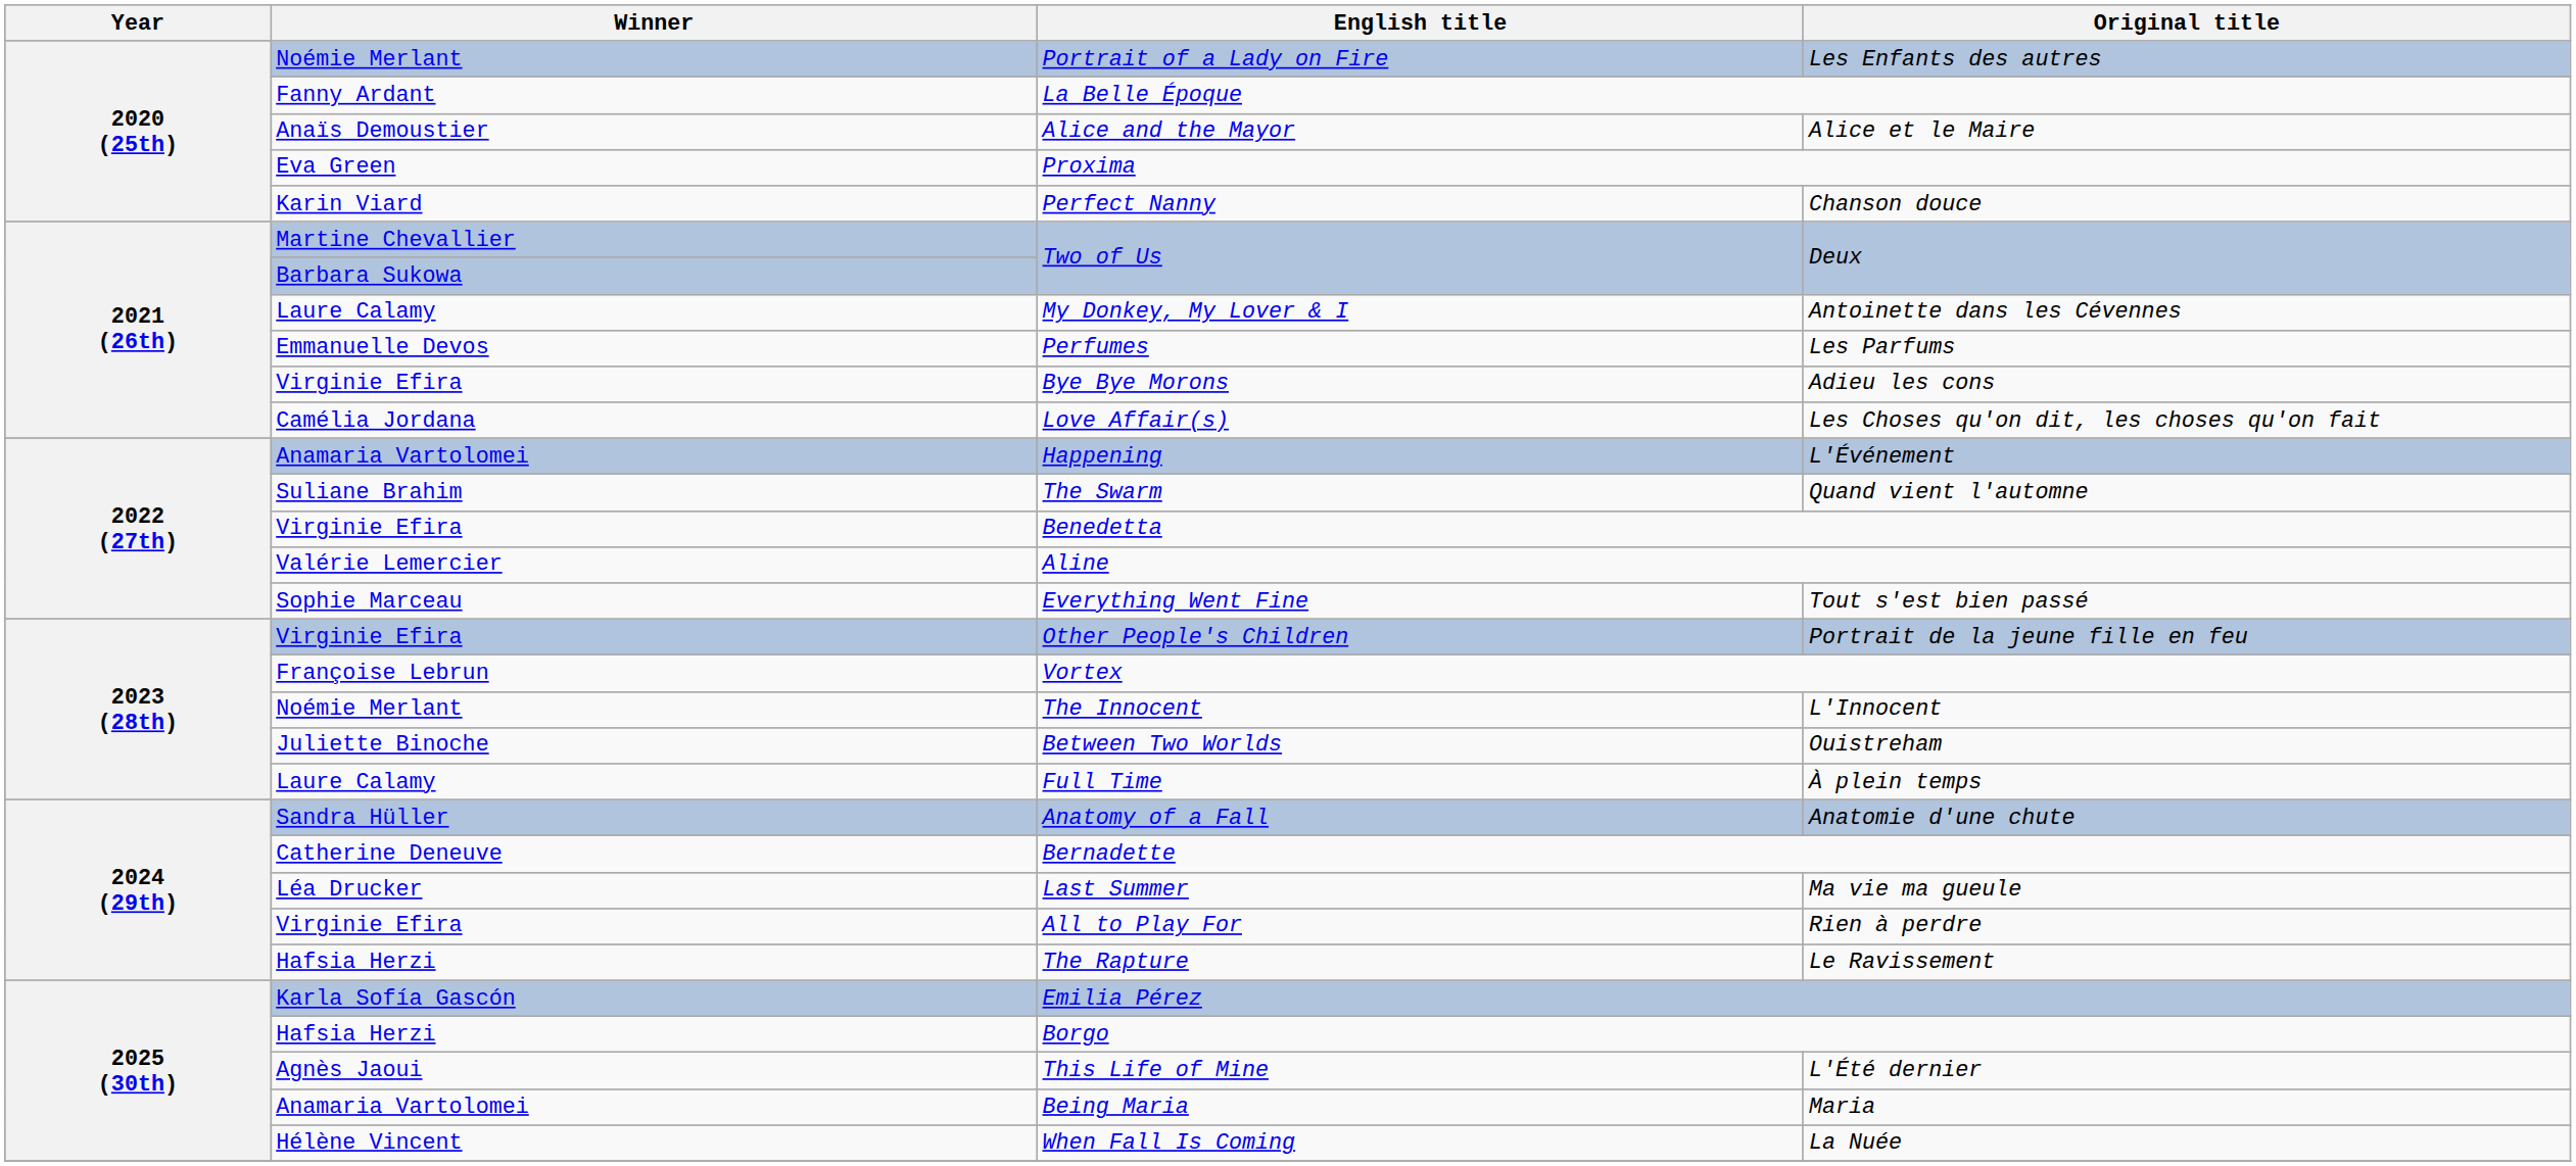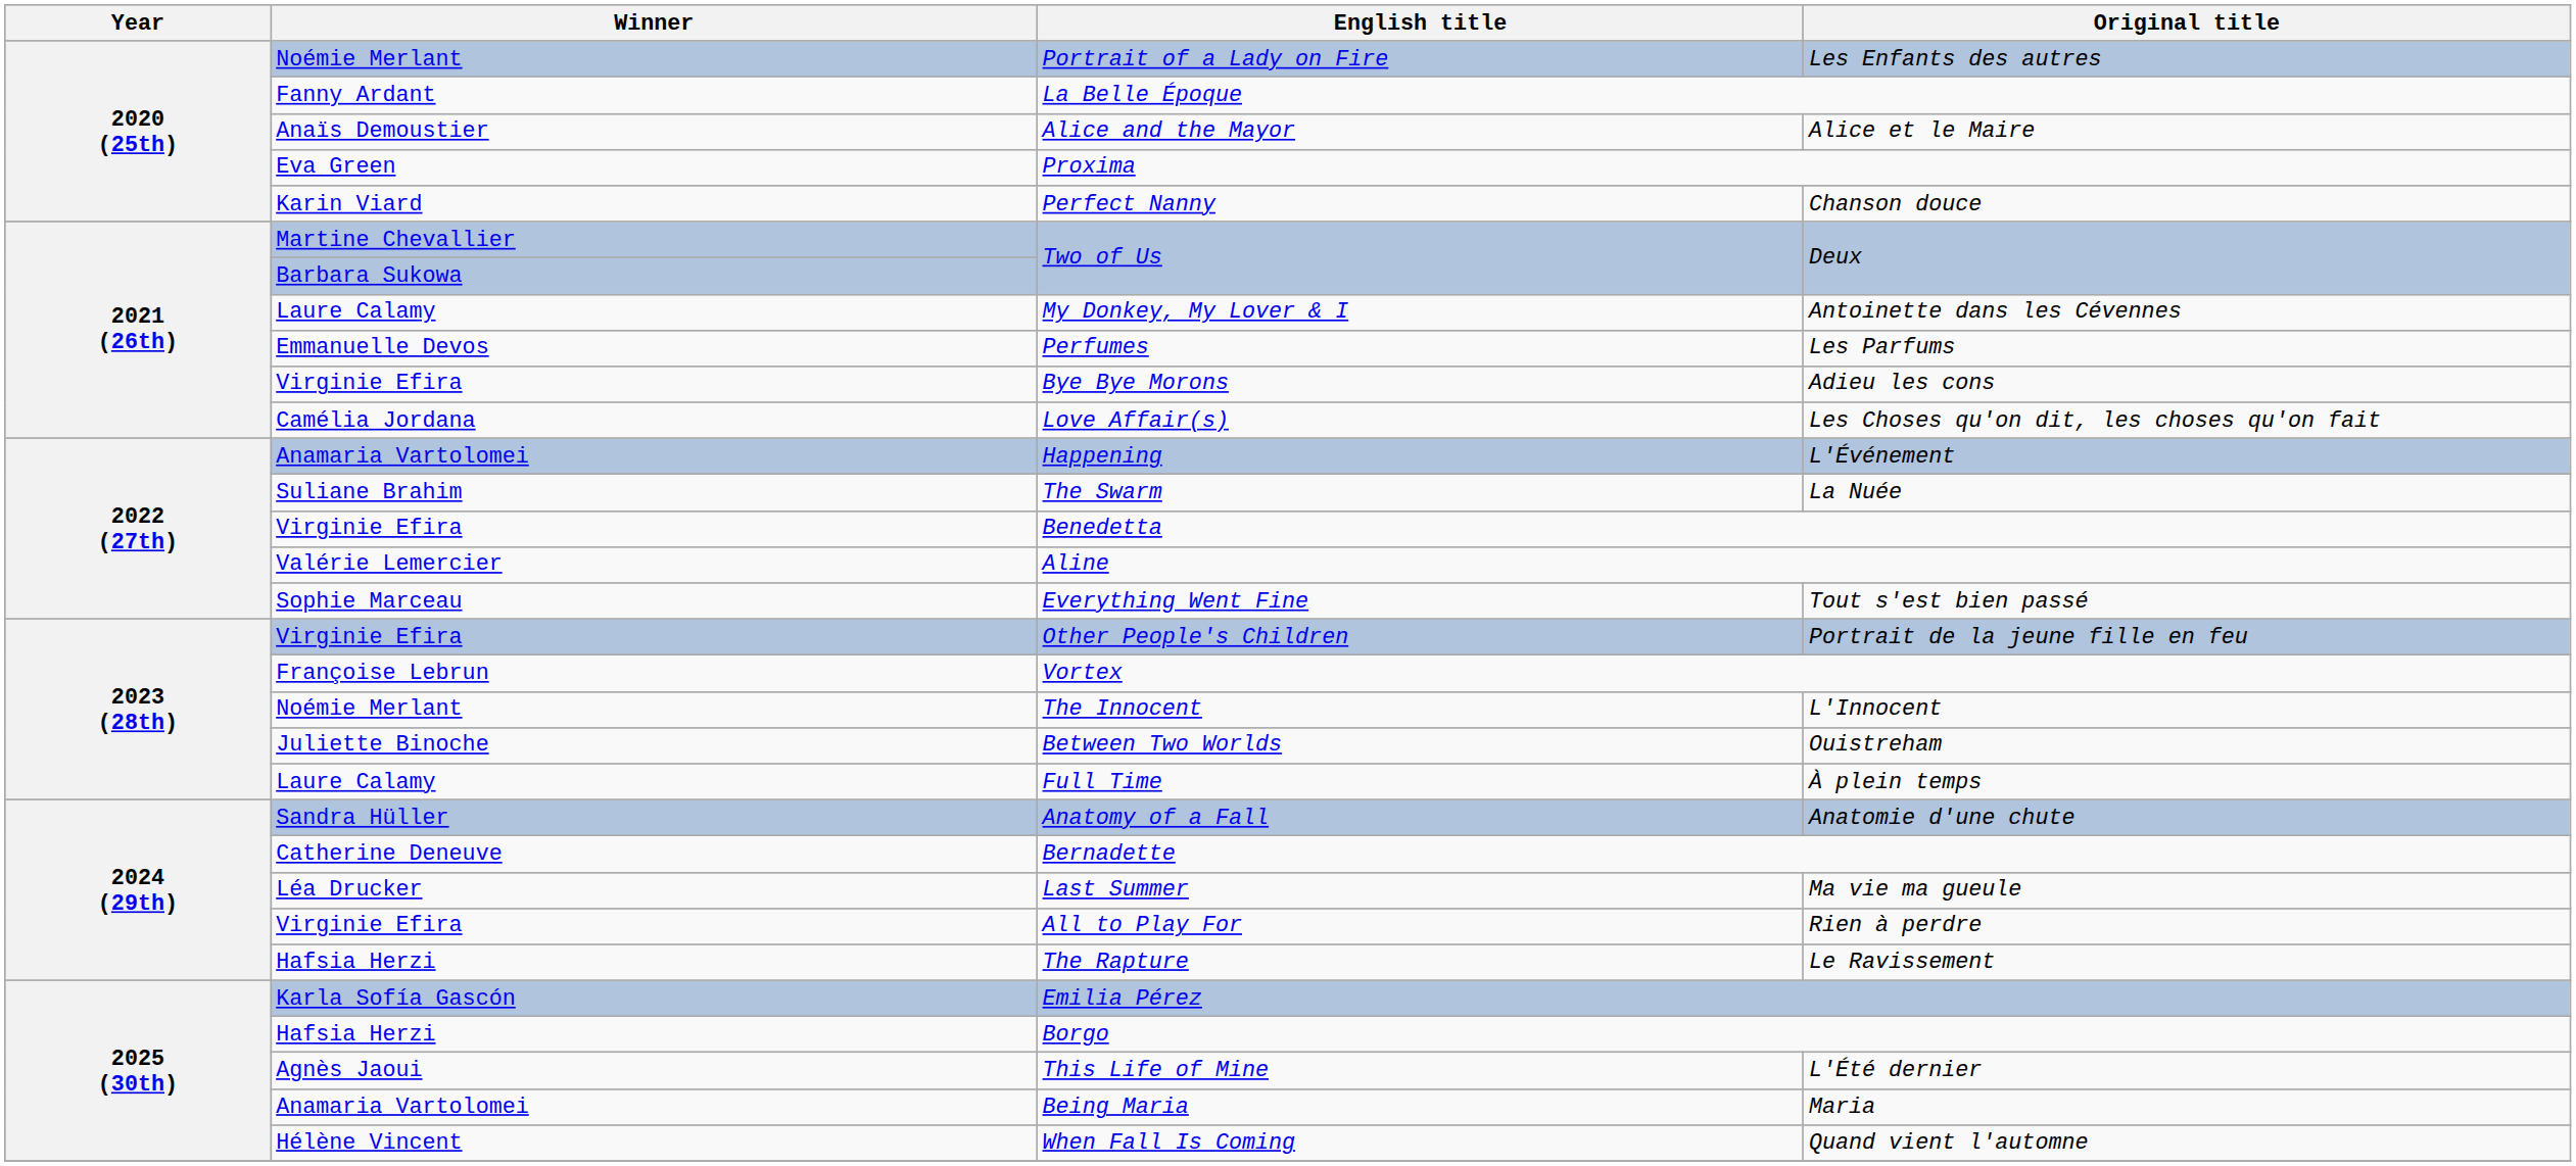 <table class="wikitable" width="95%" cellpadding="5">
 <tr>
 <th width="100"><strong>Year</strong></th>
 <th width="300"><strong>Winner</strong></th>
 <th width="300"><strong>English title</strong></th>
 <th width="300"><strong>Original title</strong></th>
 </tr>
 <tr style="background:#B0C4DE;">
 <th rowspan="5" align="center">2020<br>(<a href='#'>25th</a>)</th>
 <td><a href='#'>Noémie Merlant</a></td>
 <td><em><a href='#'>Portrait of a Lady on Fire</a></em></td>
 <td><em>Les Enfants des autres</em></td>
 </tr>
 <tr>
 <td><a href='#'>Fanny Ardant</a></td>
 <td colspan="2"><em><a href='#'>La Belle Époque</a></em></td>
 </tr>
 <tr>
 <td><a href='#'>Anaïs Demoustier</a></td>
 <td><em><a href='#'>Alice and the Mayor</a></em></td>
 <td><em>Alice et le Maire</em></td>
 </tr>
 <tr>
 <td><a href='#'>Eva Green</a></td>
 <td colspan="2"><em><a href='#'>Proxima</a></em></td>
 </tr>
 <tr>
 <td><a href='#'>Karin Viard</a></td>
 <td><em><a href='#'>Perfect Nanny</a></em></td>
 <td><em>Chanson douce</em></td>
 </tr>
 <tr style="background:#B0C4DE;">
 <th rowspan="6" align="center">2021<br>(<a href='#'>26th</a>)</th>
 <td><a href='#'>Martine Chevallier</a></td>
 <td rowspan="2"><em><a href='#'>Two of Us</a></em></td>
 <td rowspan="2"><em>Deux</em></td>
 </tr>
 <tr style="background:#B0C4DE;">
 <td><a href='#'>Barbara Sukowa</a></td>
 </tr>
 <tr>
 <td><a href='#'>Laure Calamy</a></td>
 <td><em><a href='#'>My Donkey, My Lover & I</a></em></td>
 <td><em>Antoinette dans les Cévennes</em></td>
 </tr>
 <tr>
 <td><a href='#'>Emmanuelle Devos</a></td>
 <td><em><a href='#'>Perfumes</a></em></td>
 <td><em>Les Parfums</em></td>
 </tr>
 <tr>
 <td><a href='#'>Virginie Efira</a></td>
 <td><em><a href='#'>Bye Bye Morons</a></em></td>
 <td><em>Adieu les cons</em></td>
 </tr>
 <tr>
 <td><a href='#'>Camélia Jordana</a></td>
 <td><em><a href='#'>Love Affair(s)</a></em></td>
 <td><em>Les Choses qu'on dit, les choses qu'on fait</em></td>
 </tr>
 <tr style="background:#B0C4DE;">
 <th rowspan="5" align="center">2022<br>(<a href='#'>27th</a>)</th>
 <td><a href='#'>Anamaria Vartolomei</a></td>
 <td><em><a href='#'>Happening</a></em></td>
 <td><em>L'Événement</em></td>
 </tr>
 <tr>
 <td><a href='#'>Suliane Brahim</a></td>
 <td><em><a href='#'>The Swarm</a></em></td>
-<td><em>Quand vient l'automne</em></td>
+<td><em>La Nuée</em></td>
 </tr>
 <tr>
 <td><a href='#'>Virginie Efira</a></td>
 <td colspan="2"><em><a href='#'>Benedetta</a></em></td>
 </tr>
 <tr>
 <td><a href='#'>Valérie Lemercier</a></td>
 <td colspan="2"><em><a href='#'>Aline</a></em></td>
 </tr>
 <tr>
 <td><a href='#'>Sophie Marceau</a></td>
 <td><em><a href='#'>Everything Went Fine</a></em></td>
 <td><em>Tout s'est bien passé</em></td>
 </tr>
 <tr style="background:#B0C4DE;">
 <th rowspan="5" align="center">2023<br>(<a href='#'>28th</a>)</th>
 <td><a href='#'>Virginie Efira</a></td>
 <td><em><a href='#'>Other People's Children</a></em></td>
 <td><em>Portrait de la jeune fille en feu</em></td>
 </tr>
 <tr>
 <td><a href='#'>Françoise Lebrun</a></td>
 <td colspan="2"><em><a href='#'>Vortex</a></em></td>
 </tr>
 <tr>
 <td><a href='#'>Noémie Merlant</a></td>
 <td><em><a href='#'>The Innocent</a></em></td>
 <td><em>L'Innocent</em></td>
 </tr>
 <tr>
 <td><a href='#'>Juliette Binoche</a></td>
 <td><em><a href='#'>Between Two Worlds</a></em></td>
 <td><em>Ouistreham</em></td>
 </tr>
 <tr>
 <td><a href='#'>Laure Calamy</a></td>
 <td><em><a href='#'>Full Time</a></em></td>
 <td><em>À plein temps</em></td>
 </tr>
 <tr style="background:#B0C4DE;">
 <th rowspan="5" align="center">2024<br>(<a href='#'>29th</a>)</th>
 <td><a href='#'>Sandra Hüller</a></td>
 <td><em><a href='#'>Anatomy of a Fall</a></em></td>
 <td><em>Anatomie d'une chute</em></td>
 </tr>
 <tr>
 <td><a href='#'>Catherine Deneuve</a></td>
 <td colspan="2"><em><a href='#'>Bernadette</a></em></td>
 </tr>
 <tr>
 <td><a href='#'>Léa Drucker</a></td>
 <td><em><a href='#'>Last Summer</a></em></td>
 <td><em>Ma vie ma gueule</em></td>
 </tr>
 <tr>
 <td><a href='#'>Virginie Efira</a></td>
 <td><em><a href='#'>All to Play For</a></em></td>
 <td><em>Rien à perdre</em></td>
 </tr>
 <tr>
 <td><a href='#'>Hafsia Herzi</a></td>
 <td><em><a href='#'>The Rapture</a></em></td>
 <td><em>Le Ravissement</em></td>
 </tr>
 <tr style="background:#B0C4DE;">
 <th rowspan="5" align="center">2025<br>(<a href='#'>30th</a>)</th>
 <td><a href='#'>Karla Sofía Gascón</a></td>
 <td colspan="2"><em><a href='#'>Emilia Pérez</a></em></td>
 </tr>
 <tr>
 <td><a href='#'>Hafsia Herzi</a></td>
 <td colspan="2"><em><a href='#'>Borgo</a></em></td>
 </tr>
 <tr>
 <td><a href='#'>Agnès Jaoui</a></td>
 <td><em><a href='#'>This Life of Mine</a></em></td>
 <td><em>L'Été dernier</em></td>
 </tr>
 <tr>
 <td><a href='#'>Anamaria Vartolomei</a></td>
 <td><em><a href='#'>Being Maria</a></em></td>
 <td><em>Maria</em></td>
 </tr>
 <tr>
 <td><a href='#'>Hélène Vincent</a></td>
 <td><em><a href='#'>When Fall Is Coming</a></em></td>
-<td><em>La Nuée</em></td>
+<td><em>Quand vient l'automne</em></td>
 </tr>
 <tr>
 </tr>
 </table>
